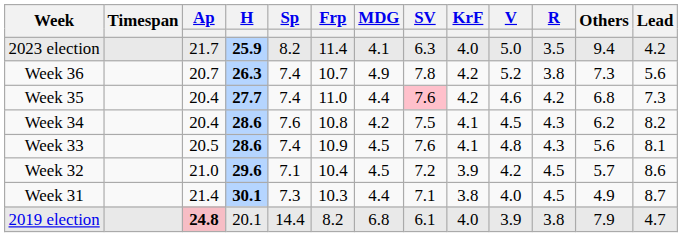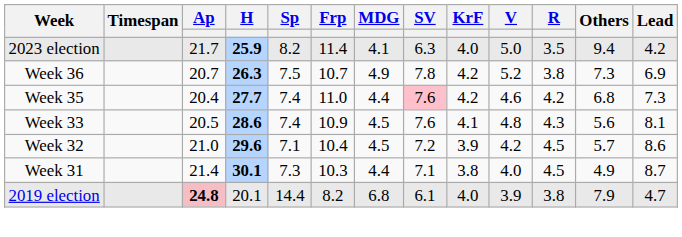 <table class="wikitable sortable tpl-blanktable" style="text-align:center;font-size:90%;line-height:14px;">
 <tr>
 <th rowspan="2">Week</th>
 <th rowspan="2">Timespan</th>
 <th class="unsortable" style="width:30px;"><a href='#'>Ap</a></th>
 <th class="unsortable" style="width:30px;"><a href='#'>H</a></th>
 <th class="unsortable" style="width:30px;"><a href='#'>Sp</a></th>
 <th class="unsortable" style="width:30px;"><a href='#'>Frp</a></th>
 <th class="unsortable" style="width:30px;"><a href='#'>MDG</a></th>
 <th class="unsortable" style="width:30px;"><a href='#'>SV</a></th>
 <th class="unsortable" style="width:30px;"><a href='#'>KrF</a></th>
 <th class="unsortable" style="width:30px;"><a href='#'>V</a></th>
 <th class="unsortable" style="width:30px;"><a href='#'>R</a></th>
 <th rowspan="2" class="unsortable" style="width:30px;">Others</th>
 <th rowspan="2">Lead</th>
 </tr>
 <tr>
 <th style="background:"></th>
 <th style="background:"></th>
 <th style="background:"></th>
 <th style="background:"></th>
 <th style="background:"></th>
 <th style="background:"></th>
 <th style="background:"></th>
 <th style="background:"></th>
 <th style="background:"></th>
 </tr>
 <tr style="background:#E9E9E9;">
 <td>2023 election</td>
 <td></td>
 <td>21.7</td>
 <td style="background:#B5D5FF;"><strong>25.9</strong></td>
 <td>8.2</td>
 <td>11.4</td>
 <td>4.1</td>
 <td>6.3</td>
 <td>4.0</td>
 <td>5.0</td>
 <td>3.5</td>
 <td>9.4</td>
 <td style="background:">4.2</td>
 </tr>
 <tr>
 <td>Week 36</td>
 <td></td>
 <td>20.7</td>
 <td style="background:#B5D5FF;"><strong>26.3</strong></td>
-<td>7.4</td>
+<td>7.5</td>
 <td>10.7</td>
 <td>4.9</td>
 <td>7.8</td>
 <td>4.2</td>
 <td>5.2</td>
 <td>3.8</td>
 <td>7.3</td>
-<td style="background:">5.6</td>
+<td style="background:">6.9</td>
 </tr>
 <tr>
 <td>Week 35</td>
 <td></td>
 <td>20.4</td>
 <td style="background:#B5D5FF;"><strong>27.7</strong></td>
 <td>7.4</td>
 <td>11.0</td>
 <td>4.4</td>
 <td style="background: pink;">7.6</td>
 <td>4.2</td>
 <td>4.6</td>
 <td>4.2</td>
 <td>6.8</td>
 <td style="background:">7.3</td>
-</tr>
-<tr>
-<td>Week 34</td>
-<td></td>
-<td>20.4</td>
-<td style="background:#B5D5FF;"><strong>28.6</strong></td>
-<td>7.6</td>
-<td>10.8</td>
-<td>4.2</td>
-<td>7.5</td>
-<td>4.1</td>
-<td>4.5</td>
-<td>4.3</td>
-<td>6.2</td>
-<td style="background:">8.2</td>
 </tr>
 <tr>
 <td>Week 33</td>
 <td></td>
 <td>20.5</td>
 <td style="background:#B5D5FF;"><strong>28.6</strong></td>
 <td>7.4</td>
 <td>10.9</td>
 <td>4.5</td>
 <td>7.6</td>
 <td>4.1</td>
 <td>4.8</td>
 <td>4.3</td>
 <td>5.6</td>
 <td style="background:">8.1</td>
 </tr>
 <tr>
 <td>Week 32</td>
 <td></td>
 <td>21.0</td>
 <td style="background:#B5D5FF;"><strong>29.6</strong></td>
 <td>7.1</td>
 <td>10.4</td>
 <td>4.5</td>
 <td>7.2</td>
 <td>3.9</td>
 <td>4.2</td>
 <td>4.5</td>
 <td>5.7</td>
 <td style="background:">8.6</td>
 </tr>
 <tr>
 <td>Week 31</td>
 <td></td>
 <td>21.4</td>
 <td style="background:#B5D5FF;"><strong>30.1</strong></td>
 <td>7.3</td>
 <td>10.3</td>
 <td>4.4</td>
 <td>7.1</td>
 <td>3.8</td>
 <td>4.0</td>
 <td>4.5</td>
 <td>4.9</td>
 <td style="background:">8.7</td>
 </tr>
 <tr style="background:#E9E9E9;">
 <td><a href='#'>2019 election</a></td>
 <td></td>
 <td style="background:#F7BDC5;"><strong>24.8</strong></td>
 <td>20.1</td>
 <td>14.4</td>
 <td>8.2</td>
 <td>6.8</td>
 <td>6.1</td>
 <td>4.0</td>
 <td>3.9</td>
 <td>3.8</td>
 <td>7.9</td>
 <td style="background:">4.7</td>
 </tr>
 </table>
